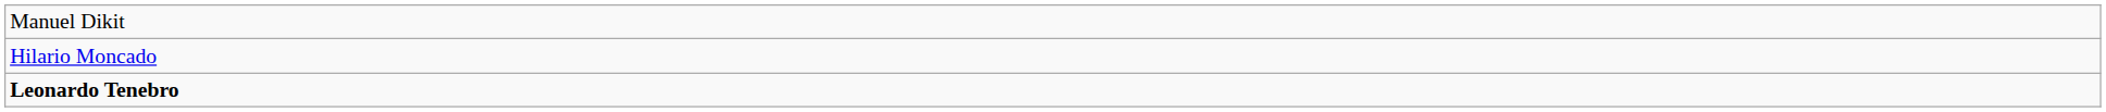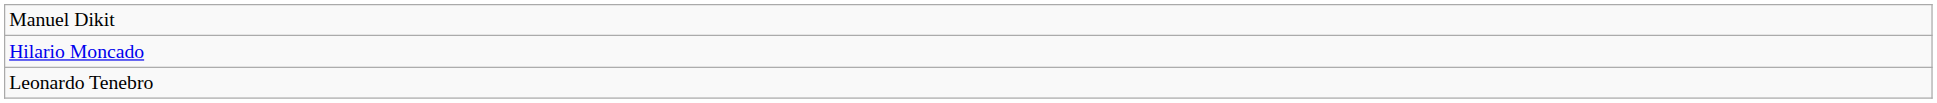 <table class="wikitable" width=99% style="font size=92%;">
 <tr>
 <td>Manuel Dikit</td>
 </tr>
 <tr>
 <td><a href='#'>Hilario Moncado</a></td>
 </tr>
 <tr>
-<td><strong>Leonardo Tenebro</strong></td>
+<td>Leonardo Tenebro</td>
 </tr>
 </table>
